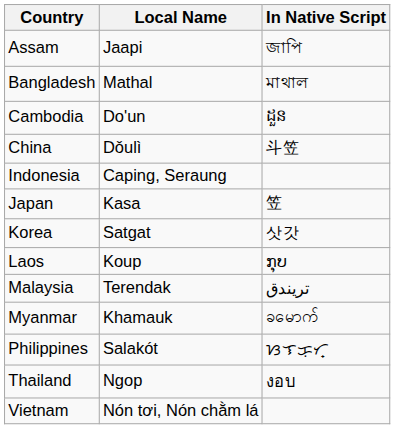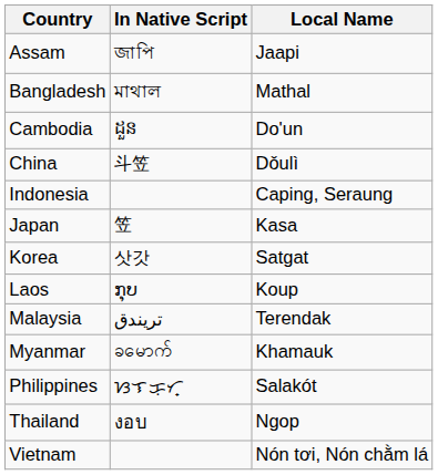 <table class="wikitable">
 <tr>
 <th>Country</th>
+<th>In Native Script</th>
 <th>Local Name</th>
-<th>In Native Script</th>
 </tr>
 <tr>
 <td>Assam</td>
+<td>জাপি</td>
 <td>Jaapi</td>
-<td>জাপি</td>
 </tr>
 <tr>
 <td>Bangladesh</td>
+<td>মাথাল</td>
 <td>Mathal</td>
-<td>মাথাল</td>
 </tr>
 <tr>
 <td>Cambodia</td>
+<td>ដួន</td>
 <td>Do'un</td>
-<td>ដួន</td>
 </tr>
 <tr>
 <td>China</td>
+<td>斗笠</td>
 <td>Dǒulì</td>
-<td>斗笠</td>
 </tr>
 <tr>
 <td>Indonesia</td>
+<td></td>
 <td>Caping, Seraung</td>
-<td></td>
 </tr>
 <tr>
 <td>Japan</td>
+<td>笠</td>
 <td>Kasa</td>
-<td>笠</td>
 </tr>
 <tr>
 <td>Korea</td>
+<td>삿갓</td>
 <td>Satgat</td>
-<td>삿갓</td>
 </tr>
 <tr>
 <td>Laos</td>
+<td>ກຸບ</td>
 <td>Koup</td>
-<td>ກຸບ</td>
 </tr>
 <tr>
 <td>Malaysia</td>
+<td>تريندق‎</td>
 <td>Terendak</td>
-<td>تريندق‎</td>
 </tr>
 <tr>
 <td>Myanmar</td>
+<td>ခမောက်</td>
 <td>Khamauk</td>
-<td>ခမောက်</td>
 </tr>
 <tr>
 <td>Philippines</td>
+<td>ᜐᜎᜃᜓᜆ᜔</td>
 <td>Salakót</td>
-<td>ᜐᜎᜃᜓᜆ᜔</td>
 </tr>
 <tr>
 <td>Thailand</td>
+<td>งอบ</td>
 <td>Ngop</td>
-<td>งอบ</td>
 </tr>
 <tr>
 <td>Vietnam</td>
+<td></td>
 <td>Nón tơi, Nón chằm lá</td>
-<td></td>
 </tr>
 </table>
